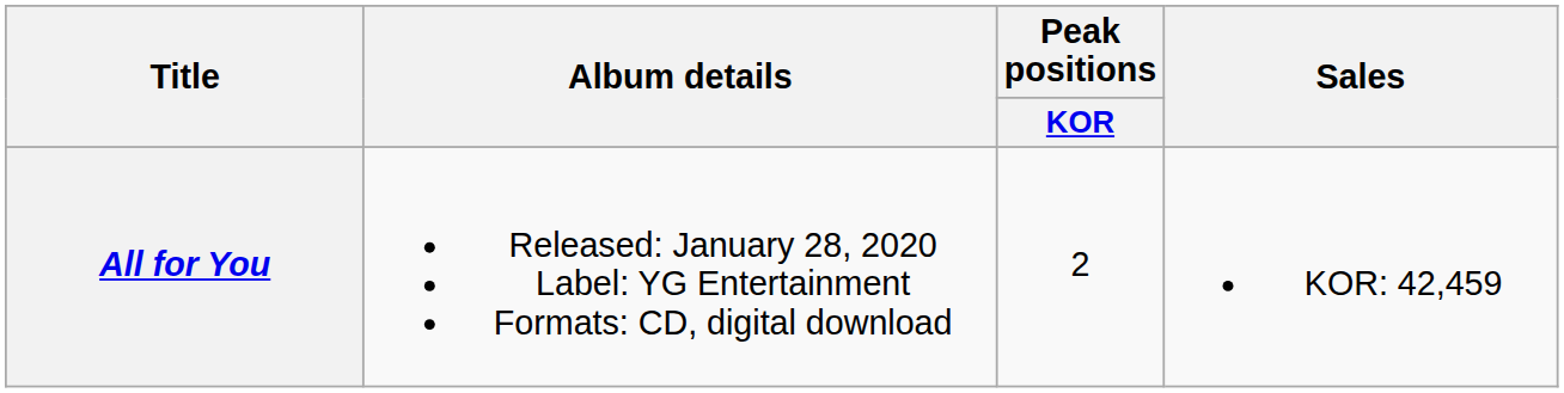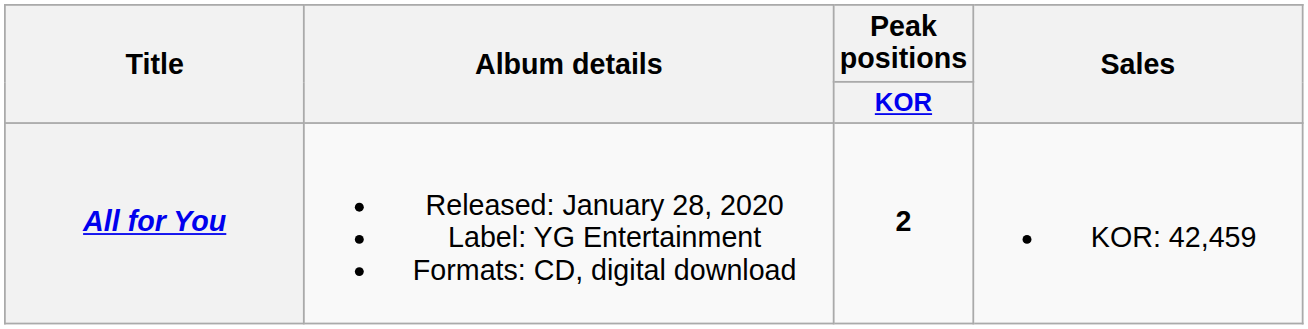 <table class="wikitable plainrowheaders" style="text-align:center;">
 <tr>
 <th rowspan="2" style="width:10em;">Title</th>
 <th rowspan="2" style="width:18em;">Album details</th>
 <th colspan="1">Peak<br>positions</th>
 <th rowspan="2" style="width:11em;">Sales</th>
 </tr>
 <tr>
 <th scope="col" style="width:3em;font-size:90%;"><a href='#'>KOR</a><br></th>
 </tr>
 <tr>
 <th scope="row"><em><a href='#'>All for You</a></em></th>
 <td><br><ul><li>Released: January 28, 2020</li><li>Label: YG Entertainment</li><li>Formats: CD, digital download</li></ul></td>
-<td>2</td>
+<td><strong>2</strong></td>
 <td><br><ul><li>KOR: 42,459</li></ul></td>
 </tr>
 </table>
